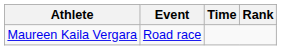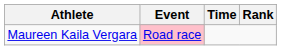 <table class=wikitable style="font-size:90%; text-align: center">
 <tr>
 <th>Athlete</th>
 <th>Event</th>
 <th>Time</th>
 <th>Rank</th>
 </tr>
 <tr align=center>
 <td align=left><a href='#'>Maureen Kaila Vergara</a></td>
-<td align=left><a href='#'>Road race</a></td>
+<td align=left style="background: pink;"><a href='#'>Road race</a></td>
 <td colspan="2"></td>
 </tr>
 </table>
